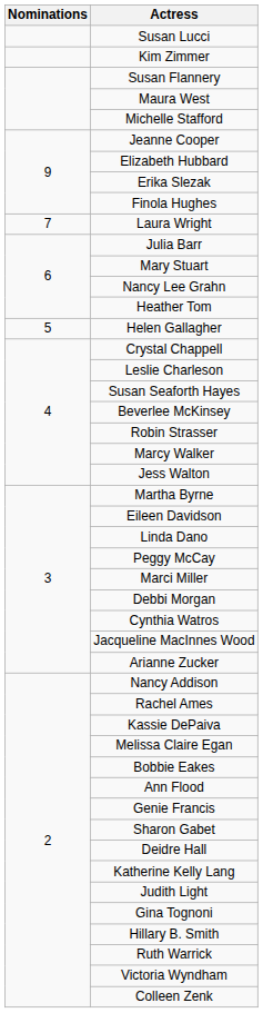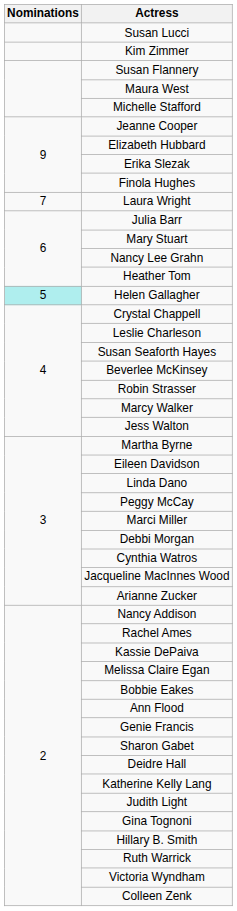 <table class="wikitable" style="text-align: center;">
 <tr>
 <th scope="col" width="55">Nominations</th>
 <th scope="col" align="center">Actress</th>
 </tr>
 <tr>
 <td></td>
 <td>Susan Lucci</td>
 </tr>
 <tr>
 <td></td>
 <td>Kim Zimmer</td>
 </tr>
 <tr>
 <td rowspan=3 style="text-align:center"></td>
 <td>Susan Flannery</td>
 </tr>
 <tr>
 <td>Maura West</td>
 </tr>
 <tr>
 <td>Michelle Stafford</td>
 </tr>
 <tr>
 <td rowspan=4 style="text-align:center">9</td>
 <td>Jeanne Cooper</td>
 </tr>
 <tr>
 <td>Elizabeth Hubbard</td>
 </tr>
 <tr>
 <td>Erika Slezak</td>
 </tr>
 <tr>
 <td>Finola Hughes</td>
 </tr>
 <tr>
 <td style="text-align:center">7</td>
 <td>Laura Wright</td>
 </tr>
 <tr>
 <td rowspan=4 style="text-align:center">6</td>
 <td>Julia Barr</td>
 </tr>
 <tr>
 <td>Mary Stuart</td>
 </tr>
 <tr>
 <td>Nancy Lee Grahn</td>
 </tr>
 <tr>
 <td>Heather Tom</td>
 </tr>
 <tr>
-<td style="text-align:center">5</td>
+<td style="background: paleturquoise; text-align:center">5</td>
 <td>Helen Gallagher</td>
 </tr>
 <tr>
 <td rowspan=7 style="text-align:center">4</td>
 <td>Crystal Chappell</td>
 </tr>
 <tr>
 <td>Leslie Charleson</td>
 </tr>
 <tr>
 <td>Susan Seaforth Hayes</td>
 </tr>
 <tr>
 <td>Beverlee McKinsey</td>
 </tr>
 <tr>
 <td>Robin Strasser</td>
 </tr>
 <tr>
 <td>Marcy Walker</td>
 </tr>
 <tr>
 <td>Jess Walton</td>
 </tr>
 <tr>
 <td rowspan=9 style="text-align:center">3</td>
 <td>Martha Byrne</td>
 </tr>
 <tr>
 <td>Eileen Davidson</td>
 </tr>
 <tr>
 <td>Linda Dano</td>
 </tr>
 <tr>
 <td>Peggy McCay</td>
 </tr>
 <tr>
 <td>Marci Miller</td>
 </tr>
 <tr>
 <td>Debbi Morgan</td>
 </tr>
 <tr>
 <td>Cynthia Watros</td>
 </tr>
 <tr>
 <td>Jacqueline MacInnes Wood</td>
 </tr>
 <tr>
 <td>Arianne Zucker</td>
 </tr>
 <tr>
 <td rowspan=16 style="text-align:center">2</td>
 <td>Nancy Addison</td>
 </tr>
 <tr>
 <td>Rachel Ames</td>
 </tr>
 <tr>
 <td>Kassie DePaiva</td>
 </tr>
 <tr>
 <td>Melissa Claire Egan</td>
 </tr>
 <tr>
 <td>Bobbie Eakes</td>
 </tr>
 <tr>
 <td>Ann Flood</td>
 </tr>
 <tr>
 <td>Genie Francis</td>
 </tr>
 <tr>
 <td>Sharon Gabet</td>
 </tr>
 <tr>
 <td>Deidre Hall</td>
 </tr>
 <tr>
 <td>Katherine Kelly Lang</td>
 </tr>
 <tr>
 <td>Judith Light</td>
 </tr>
 <tr>
 <td>Gina Tognoni</td>
 </tr>
 <tr>
 <td>Hillary B. Smith</td>
 </tr>
 <tr>
 <td>Ruth Warrick</td>
 </tr>
 <tr>
 <td>Victoria Wyndham</td>
 </tr>
 <tr>
 <td>Colleen Zenk</td>
 </tr>
 </table>
